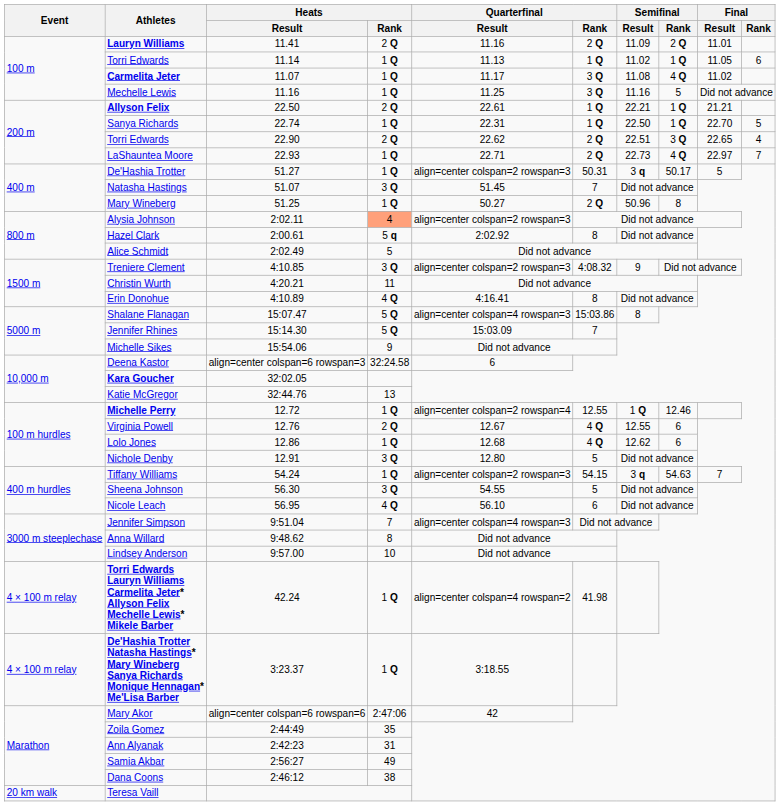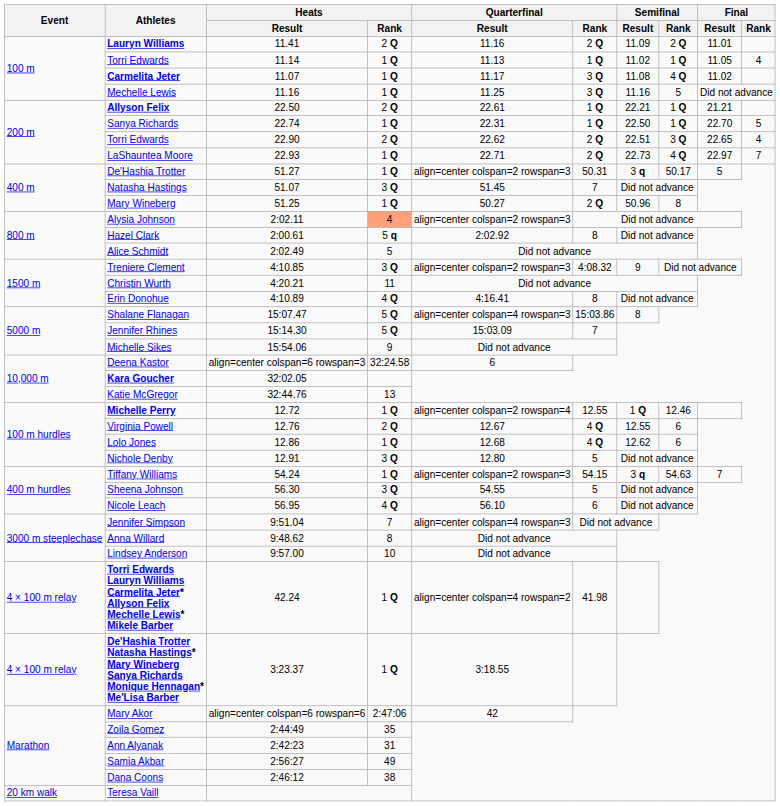 <table class="wikitable" border="1" style="font-size:90%">
 <tr>
 <th rowspan="2">Event</th>
 <th rowspan="2">Athletes</th>
 <th colspan="2">Heats</th>
 <th colspan="2">Quarterfinal</th>
 <th colspan="2">Semifinal</th>
 <th colspan="2">Final</th>
 </tr>
 <tr>
 <th>Result</th>
 <th>Rank</th>
 <th>Result</th>
 <th>Rank</th>
 <th>Result</th>
 <th>Rank</th>
 <th>Result</th>
 <th>Rank</th>
 </tr>
 <tr>
 <td rowspan=4><a href='#'>100 m</a></td>
 <td><strong><a href='#'>Lauryn Williams</a></strong></td>
 <td align=center>11.41</td>
 <td align=center>2 <strong>Q</strong></td>
 <td align=center>11.16</td>
 <td align=center>2 <strong>Q</strong></td>
 <td align=center>11.09 </td>
 <td align=center>2 <strong>Q</strong></td>
 <td align=center>11.01</td>
 <td align=center></td>
 </tr>
 <tr>
 <td><a href='#'>Torri Edwards</a></td>
 <td align=center>11.14</td>
 <td align=center>1 <strong>Q</strong></td>
 <td align=center>11.13</td>
 <td align=center>1 <strong>Q</strong></td>
 <td align=center>11.02</td>
 <td align=center>1 <strong>Q</strong></td>
 <td align=center>11.05</td>
-<td align=center>6</td>
+<td align=center>4</td>
 </tr>
 <tr>
 <td><strong><a href='#'>Carmelita Jeter</a></strong></td>
 <td align=center>11.07</td>
 <td align=center>1 <strong>Q</strong></td>
 <td align=center>11.17</td>
 <td align=center>3 <strong>Q</strong></td>
 <td align=center>11.08</td>
 <td align=center>4 <strong>Q</strong></td>
 <td align=center>11.02</td>
 <td align=center></td>
 </tr>
 <tr>
 <td><a href='#'>Mechelle Lewis</a></td>
 <td align=center>11.16</td>
 <td align=center>1 <strong>Q</strong></td>
 <td align=center>11.25</td>
 <td align=center>3 <strong>Q</strong></td>
 <td align=center>11.16</td>
 <td align=center>5</td>
 <td align=center colspan=2>Did not advance</td>
 </tr>
 <tr>
 <td rowspan=4><a href='#'>200 m</a></td>
 <td><strong><a href='#'>Allyson Felix</a></strong></td>
 <td align=center>22.50</td>
 <td align=center>2 <strong>Q</strong></td>
 <td align=center>22.61</td>
 <td align=center>1 <strong>Q</strong></td>
 <td align=center>22.21</td>
 <td align=center>1 <strong>Q</strong></td>
 <td align=center>21.21 </td>
 <td align=center></td>
 </tr>
 <tr>
 <td><a href='#'>Sanya Richards</a></td>
 <td align=center>22.74</td>
 <td align=center>1 <strong>Q</strong></td>
 <td align=center>22.31</td>
 <td align=center>1 <strong>Q</strong></td>
 <td align=center>22.50</td>
 <td align=center>1 <strong>Q</strong></td>
 <td align=center>22.70</td>
 <td align=center>5</td>
 </tr>
 <tr>
 <td><a href='#'>Torri Edwards</a></td>
 <td align=center>22.90</td>
 <td align=center>2 <strong>Q</strong></td>
 <td align=center>22.62</td>
 <td align=center>2 <strong>Q</strong></td>
 <td align=center>22.51 </td>
 <td align=center>3 <strong>Q</strong></td>
 <td align=center>22.65</td>
 <td align=center>4</td>
 </tr>
 <tr>
 <td><a href='#'>LaShauntea Moore</a></td>
 <td align=center>22.93</td>
 <td align=center>1 <strong>Q</strong></td>
 <td align=center>22.71</td>
 <td align=center>2 <strong>Q</strong></td>
 <td align=center>22.73</td>
 <td align=center>4 <strong>Q</strong></td>
 <td align=center>22.97</td>
 <td align=center>7</td>
 </tr>
 <tr>
 <td rowspan=3><a href='#'>400 m</a></td>
 <td><a href='#'>De'Hashia Trotter</a></td>
 <td align=center>51.27</td>
 <td align=center>1 <strong>Q</strong></td>
 <td>align=center colspan=2 rowspan=3 </td>
 <td align=center>50.31</td>
 <td align=center>3 <strong>q</strong></td>
 <td align=center>50.17</td>
 <td align=center>5</td>
 </tr>
 <tr>
 <td><a href='#'>Natasha Hastings</a></td>
 <td align=center>51.07</td>
 <td align=center>3 <strong>Q</strong></td>
 <td align=center>51.45</td>
 <td align=center>7</td>
 <td align=center colspan=2>Did not advance</td>
 </tr>
 <tr>
 <td><a href='#'>Mary Wineberg</a></td>
 <td align=center>51.25</td>
 <td align=center>1 <strong>Q</strong></td>
 <td align=center>50.27</td>
 <td align=center>2 <strong>Q</strong></td>
 <td align=center>50.96</td>
 <td align=center>8</td>
 </tr>
 <tr>
 <td rowspan=3><a href='#'>800 m</a></td>
 <td><a href='#'>Alysia Johnson</a></td>
 <td align=center>2:02.11</td>
 <td align=center style="background: lightsalmon;">4</td>
 <td>align=center colspan=2 rowspan=3 </td>
 <td align=center colspan=4>Did not advance</td>
 </tr>
 <tr>
 <td><a href='#'>Hazel Clark</a></td>
 <td align=center>2:00.61</td>
 <td align=center>5 <strong>q</strong></td>
 <td align=center>2:02.92</td>
 <td align=center>8</td>
 <td align=center colspan=2>Did not advance</td>
 </tr>
 <tr>
 <td><a href='#'>Alice Schmidt</a></td>
 <td align=center>2:02.49</td>
 <td align=center>5</td>
 <td align=center colspan=4>Did not advance</td>
 </tr>
 <tr>
 <td rowspan=3><a href='#'>1500 m</a></td>
 <td><a href='#'>Treniere Clement</a></td>
 <td align=center>4:10.85</td>
 <td align=center>3 <strong>Q</strong></td>
 <td>align=center colspan=2 rowspan=3 </td>
 <td align=center>4:08.32</td>
 <td align=center>9</td>
 <td align=center colspan=2>Did not advance</td>
 </tr>
 <tr>
 <td><a href='#'>Christin Wurth</a></td>
 <td align=center>4:20.21</td>
 <td align=center>11</td>
 <td align=center colspan=4>Did not advance</td>
 </tr>
 <tr>
 <td><a href='#'>Erin Donohue</a></td>
 <td align=center>4:10.89</td>
 <td align=center>4 <strong>Q</strong></td>
 <td align=center>4:16.41</td>
 <td align=center>8</td>
 <td align=center colspan=2>Did not advance</td>
 </tr>
 <tr>
 <td rowspan=3><a href='#'>5000 m</a></td>
 <td><a href='#'>Shalane Flanagan</a></td>
 <td align=center>15:07.47</td>
 <td align=center>5 <strong>Q</strong></td>
 <td>align=center colspan=4 rowspan=3 </td>
 <td align=center>15:03.86</td>
 <td align=center>8</td>
 </tr>
 <tr>
 <td><a href='#'>Jennifer Rhines</a></td>
 <td align=center>15:14.30</td>
 <td align=center>5 <strong>Q</strong></td>
 <td align=center>15:03.09</td>
 <td align=center>7</td>
 </tr>
 <tr>
 <td><a href='#'>Michelle Sikes</a></td>
 <td align=center>15:54.06</td>
 <td align=center>9</td>
 <td align=center colspan=2>Did not advance</td>
 </tr>
 <tr>
 <td rowspan=3><a href='#'>10,000 m</a></td>
 <td><a href='#'>Deena Kastor</a></td>
 <td>align=center colspan=6 rowspan=3 </td>
 <td align=center>32:24.58</td>
 <td align=center>6</td>
 </tr>
 <tr>
 <td><strong><a href='#'>Kara Goucher</a></strong></td>
 <td align=center>32:02.05</td>
 <td align=center></td>
 </tr>
 <tr>
 <td><a href='#'>Katie McGregor</a></td>
 <td align=center>32:44.76</td>
 <td align=center>13</td>
 </tr>
 <tr>
 <td rowspan=4><a href='#'>100 m hurdles</a></td>
 <td><strong><a href='#'>Michelle Perry</a></strong></td>
 <td align=center>12.72</td>
 <td align=center>1 <strong>Q</strong></td>
 <td>align=center colspan=2 rowspan=4 </td>
 <td align=center>12.55</td>
 <td align=center>1 <strong>Q</strong></td>
 <td align=center>12.46</td>
 <td align=center></td>
 </tr>
 <tr>
 <td><a href='#'>Virginia Powell</a></td>
 <td align=center>12.76</td>
 <td align=center>2 <strong>Q</strong></td>
 <td align=center>12.67</td>
 <td align=center>4 <strong>Q</strong></td>
 <td align=center>12.55</td>
 <td align=center>6</td>
 </tr>
 <tr>
 <td><a href='#'>Lolo Jones</a></td>
 <td align=center>12.86</td>
 <td align=center>1 <strong>Q</strong></td>
 <td align=center>12.68</td>
 <td align=center>4 <strong>Q</strong></td>
 <td align=center>12.62</td>
 <td align=center>6</td>
 </tr>
 <tr>
 <td><a href='#'>Nichole Denby</a></td>
 <td align=center>12.91</td>
 <td align=center>3 <strong>Q</strong></td>
 <td align=center>12.80 </td>
 <td align=center>5</td>
 <td align=center colspan=2>Did not advance</td>
 </tr>
 <tr>
 <td rowspan=3><a href='#'>400 m hurdles</a></td>
 <td><a href='#'>Tiffany Williams</a></td>
 <td align=center>54.24</td>
 <td align=center>1 <strong>Q</strong></td>
 <td>align=center colspan=2 rowspan=3 </td>
 <td align=center>54.15</td>
 <td align=center>3 <strong>q</strong></td>
 <td align=center>54.63</td>
 <td align=center>7</td>
 </tr>
 <tr>
 <td><a href='#'>Sheena Johnson</a></td>
 <td align=center>56.30</td>
 <td align=center>3 <strong>Q</strong></td>
 <td align=center>54.55</td>
 <td align=center>5</td>
 <td align=center colspan=2>Did not advance</td>
 </tr>
 <tr>
 <td><a href='#'>Nicole Leach</a></td>
 <td align=center>56.95</td>
 <td align=center>4 <strong>Q</strong></td>
 <td align=center>56.10</td>
 <td align=center>6</td>
 <td align=center colspan=2>Did not advance</td>
 </tr>
 <tr>
 <td rowspan=3><a href='#'>3000 m steeplechase</a></td>
 <td><a href='#'>Jennifer Simpson</a></td>
 <td align=center>9:51.04</td>
 <td align=center>7</td>
 <td>align=center colspan=4 rowspan=3 </td>
 <td align=center colspan=2>Did not advance</td>
 </tr>
 <tr>
 <td><a href='#'>Anna Willard</a></td>
 <td align=center>9:48.62</td>
 <td align=center>8</td>
 <td align=center colspan=2>Did not advance</td>
 </tr>
 <tr>
 <td><a href='#'>Lindsey Anderson</a></td>
 <td align=center>9:57.00</td>
 <td align=center>10</td>
 <td align=center colspan=2>Did not advance</td>
 </tr>
 <tr>
 <td rowspan=1><a href='#'>4 × 100 m relay</a></td>
 <td><strong><a href='#'>Torri Edwards</a><br><a href='#'>Lauryn Williams</a><br><a href='#'>Carmelita Jeter</a>*<br><a href='#'>Allyson Felix</a><br><a href='#'>Mechelle Lewis</a>*<br><a href='#'>Mikele Barber</a></strong></td>
 <td align=center>42.24 </td>
 <td align=center>1 <strong>Q</strong></td>
 <td>align=center colspan=4 rowspan=2 </td>
 <td align=center>41.98 </td>
 <td align=center></td>
 </tr>
 <tr>
 <td rowspan=1><a href='#'>4 × 100 m relay</a></td>
 <td><strong><a href='#'>De'Hashia Trotter</a><br><a href='#'>Natasha Hastings</a>*<br><a href='#'>Mary Wineberg</a><br><a href='#'>Sanya Richards</a><br><a href='#'>Monique Hennagan</a>*<br><a href='#'>Me'Lisa Barber</a></strong></td>
 <td align=center>3:23.37 </td>
 <td align=center>1 <strong>Q</strong></td>
 <td align=center>3:18.55 </td>
 <td align=center></td>
 </tr>
 <tr>
 <td rowspan=5><a href='#'>Marathon</a></td>
 <td><a href='#'>Mary Akor</a></td>
 <td>align=center colspan=6 rowspan=6 </td>
 <td align=center>2:47:06</td>
 <td align=center>42</td>
 </tr>
 <tr>
 <td><a href='#'>Zoila Gomez</a></td>
 <td align=center>2:44:49</td>
 <td align=center>35</td>
 </tr>
 <tr>
 <td><a href='#'>Ann Alyanak</a></td>
 <td align=center>2:42:23</td>
 <td align=center>31</td>
 </tr>
 <tr>
 <td><a href='#'>Samia Akbar</a></td>
 <td align=center>2:56:27 </td>
 <td align=center>49</td>
 </tr>
 <tr>
 <td><a href='#'>Dana Coons</a></td>
 <td align=center>2:46:12 </td>
 <td align=center>38</td>
 </tr>
 <tr>
 <td rowspan=1><a href='#'>20 km walk</a></td>
 <td><a href='#'>Teresa Vaill</a></td>
 <td align=center colspan=2></td>
 </tr>
 </table>
